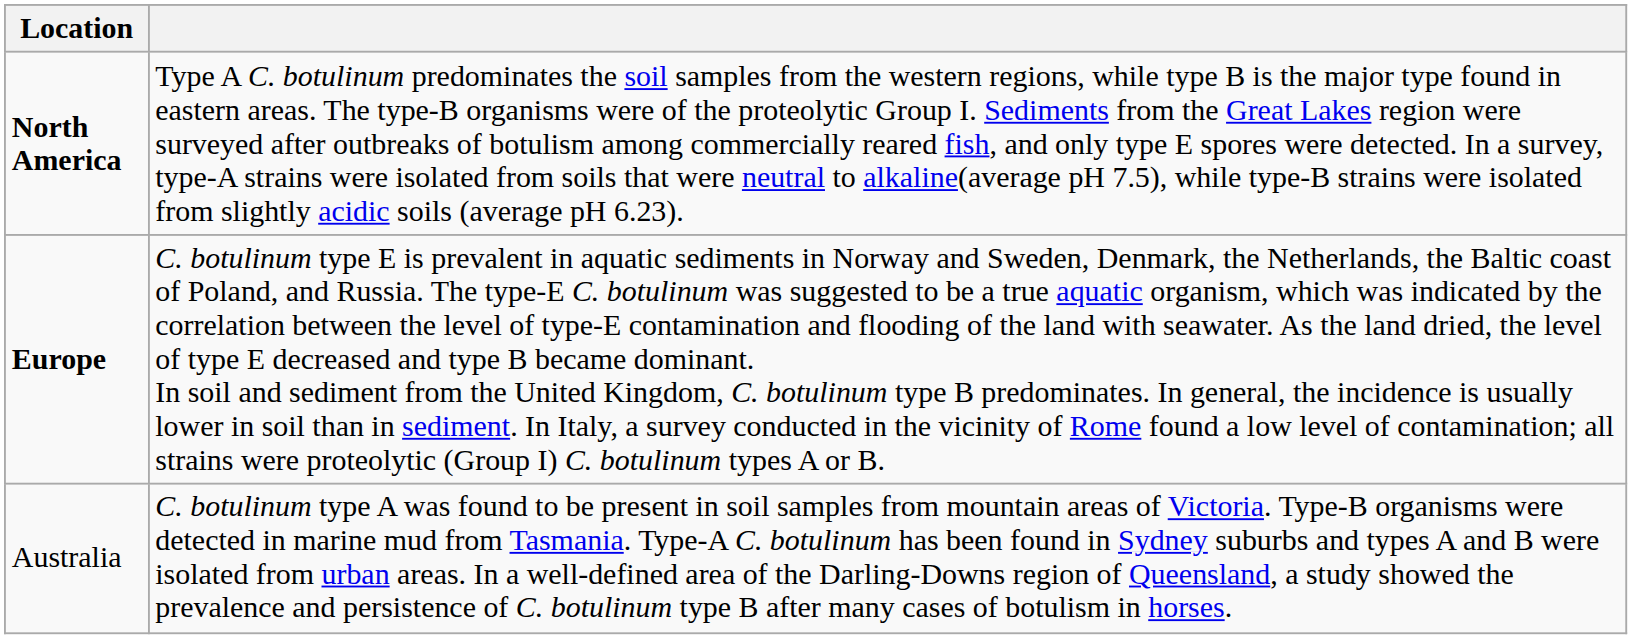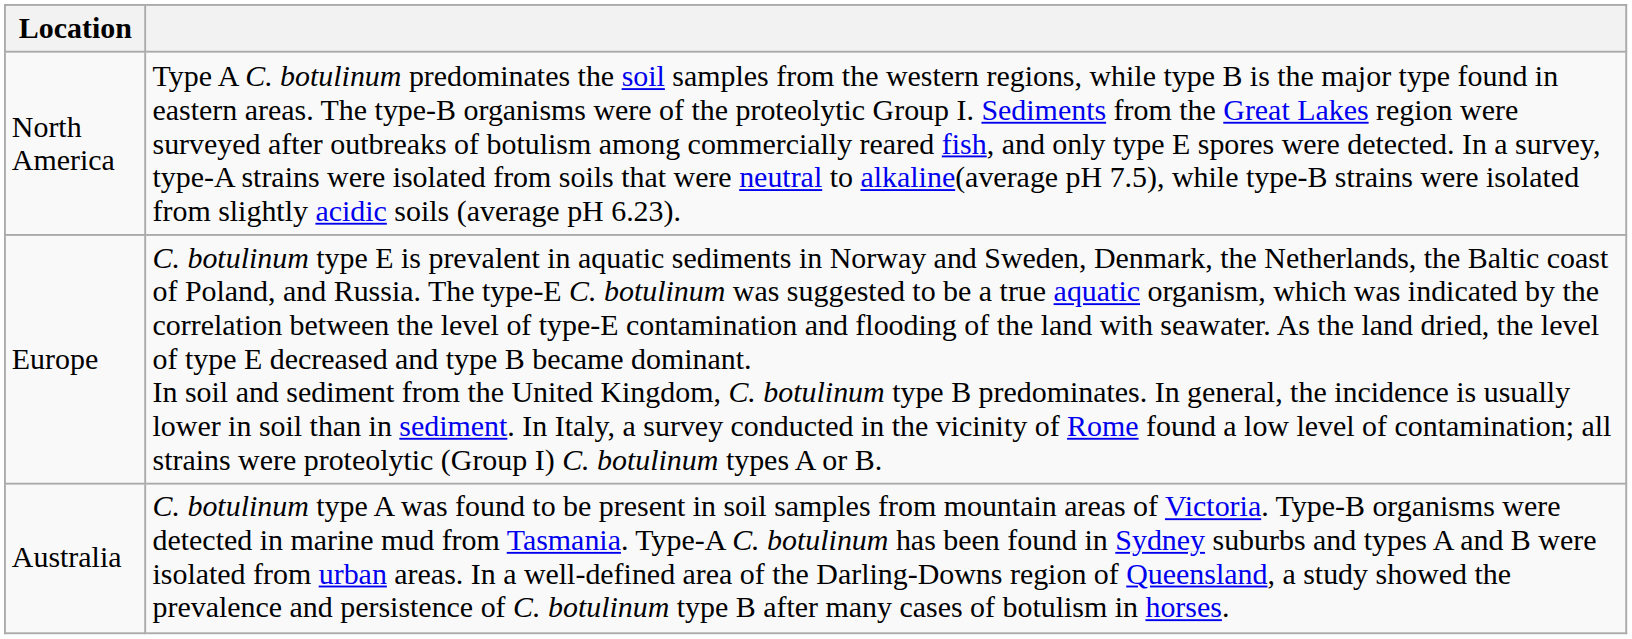 <table class="wikitable">
 <tr>
 <th>Location</th>
 <th></th>
 </tr>
 <tr>
-<td><strong>North America</strong></td>
+<td>North America</td>
 <td>Type A <em>C. botulinum</em> predominates the <a href='#'>soil</a> samples from the western regions, while type B is the major type found in eastern areas. The type-B organisms were of the proteolytic Group I. <a href='#'>Sediments</a> from the <a href='#'>Great Lakes</a> region were surveyed after outbreaks of botulism among commercially reared <a href='#'>fish</a>, and only type E spores were detected. In a survey, type-A strains were isolated from soils that were <a href='#'>neutral</a> to <a href='#'>alkaline</a>(average pH 7.5), while type-B strains were isolated from slightly <a href='#'>acidic</a> soils (average pH 6.23).</td>
 </tr>
 <tr>
-<td><strong>Europe</strong></td>
+<td>Europe</td>
 <td><em>C. botulinum</em> type E is prevalent in aquatic sediments in Norway and Sweden, Denmark, the Netherlands, the Baltic coast of Poland, and Russia. The type-E <em>C. botulinum</em> was suggested to be a true <a href='#'>aquatic</a> organism, which was indicated by the correlation between the level of type-E contamination and flooding of the land with seawater. As the land dried, the level of type E decreased and type B became dominant.<br>In soil and sediment from the United Kingdom, <em>C. botulinum</em> type B predominates. In general, the incidence is usually lower in soil than in <a href='#'>sediment</a>. In Italy, a survey conducted in the vicinity of <a href='#'>Rome</a> found a low level of contamination; all strains were proteolytic (Group I) <em>C. botulinum</em> types A or B.</td>
 </tr>
 <tr>
 <td>Australia</td>
 <td><em>C. botulinum</em> type A was found to be present in soil samples from mountain areas of <a href='#'>Victoria</a>. Type-B organisms were detected in marine mud from <a href='#'>Tasmania</a>. Type-A <em>C. botulinum</em> has been found in <a href='#'>Sydney</a> suburbs and types A and B were isolated from <a href='#'>urban</a> areas. In a well-defined area of the Darling-Downs region of <a href='#'>Queensland</a>, a study showed the prevalence and persistence of <em>C. botulinum</em> type B after many cases of botulism in <a href='#'>horses</a>.</td>
 </tr>
 </table>
